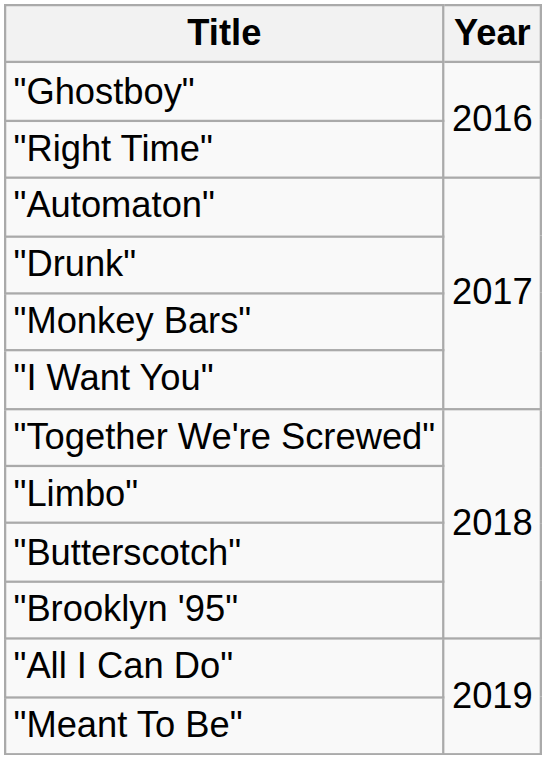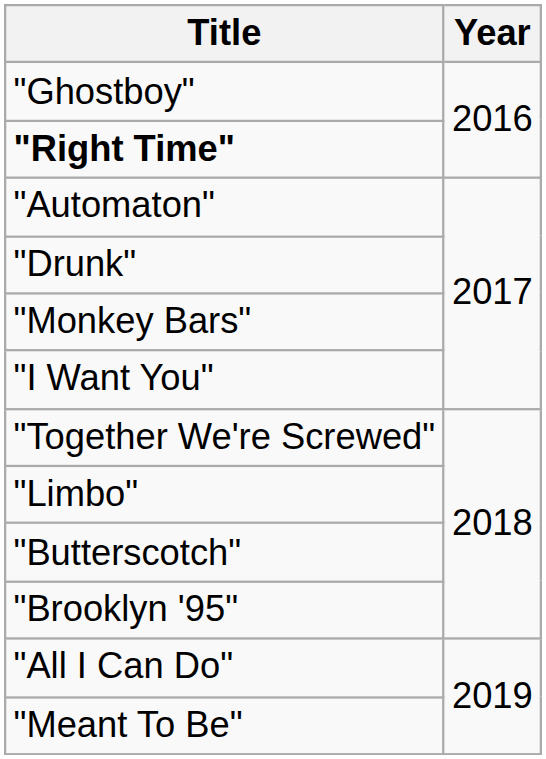 <table class="wikitable">
 <tr>
 <th>Title</th>
 <th>Year</th>
 </tr>
 <tr>
 <td>"Ghostboy"</td>
 <td rowspan="2">2016</td>
 </tr>
 <tr>
-<td>"Right Time"</td>
+<td><strong>"Right Time"</strong></td>
 </tr>
 <tr>
 <td>"Automaton"</td>
 <td rowspan="4">2017</td>
 </tr>
 <tr>
 <td>"Drunk"</td>
 </tr>
 <tr>
 <td>"Monkey Bars"</td>
 </tr>
 <tr>
 <td>"I Want You"</td>
 </tr>
 <tr>
 <td>"Together We're Screwed"</td>
 <td rowspan="4">2018</td>
 </tr>
 <tr>
 <td>"Limbo"</td>
 </tr>
 <tr>
 <td>"Butterscotch"</td>
 </tr>
 <tr>
 <td>"Brooklyn '95"</td>
 </tr>
 <tr>
 <td>"All I Can Do"</td>
 <td rowspan="2">2019</td>
 </tr>
 <tr>
 <td>"Meant To Be"</td>
 </tr>
 </table>
